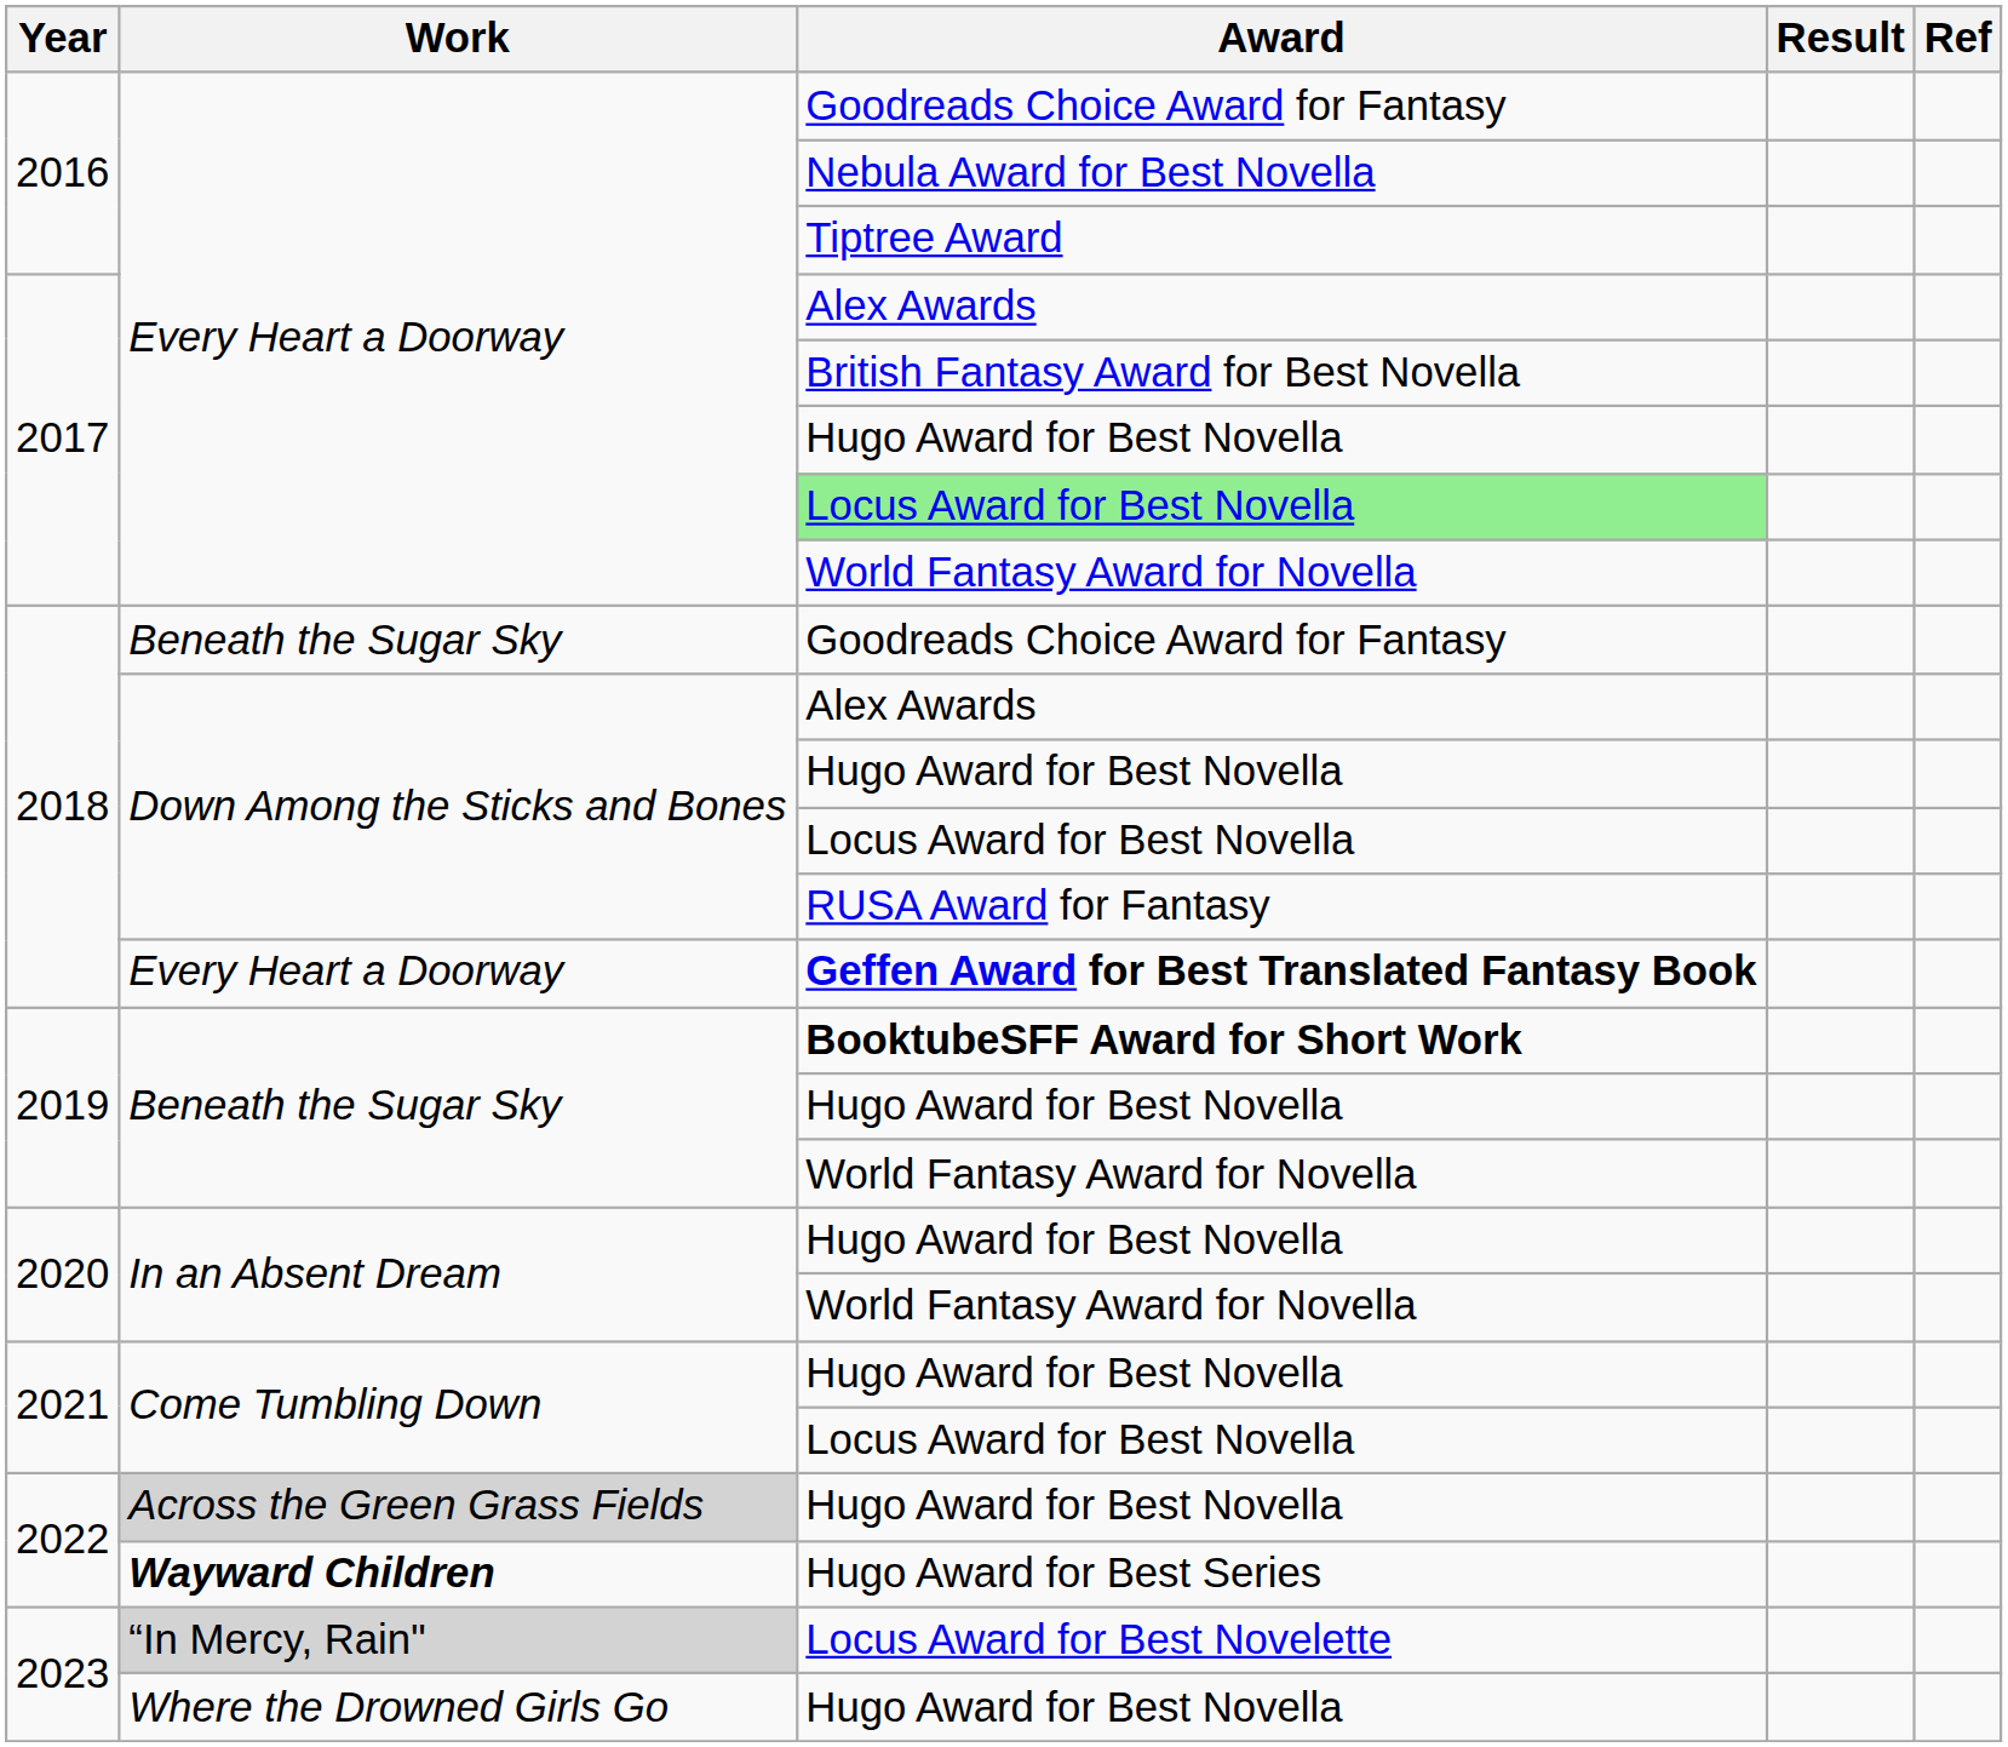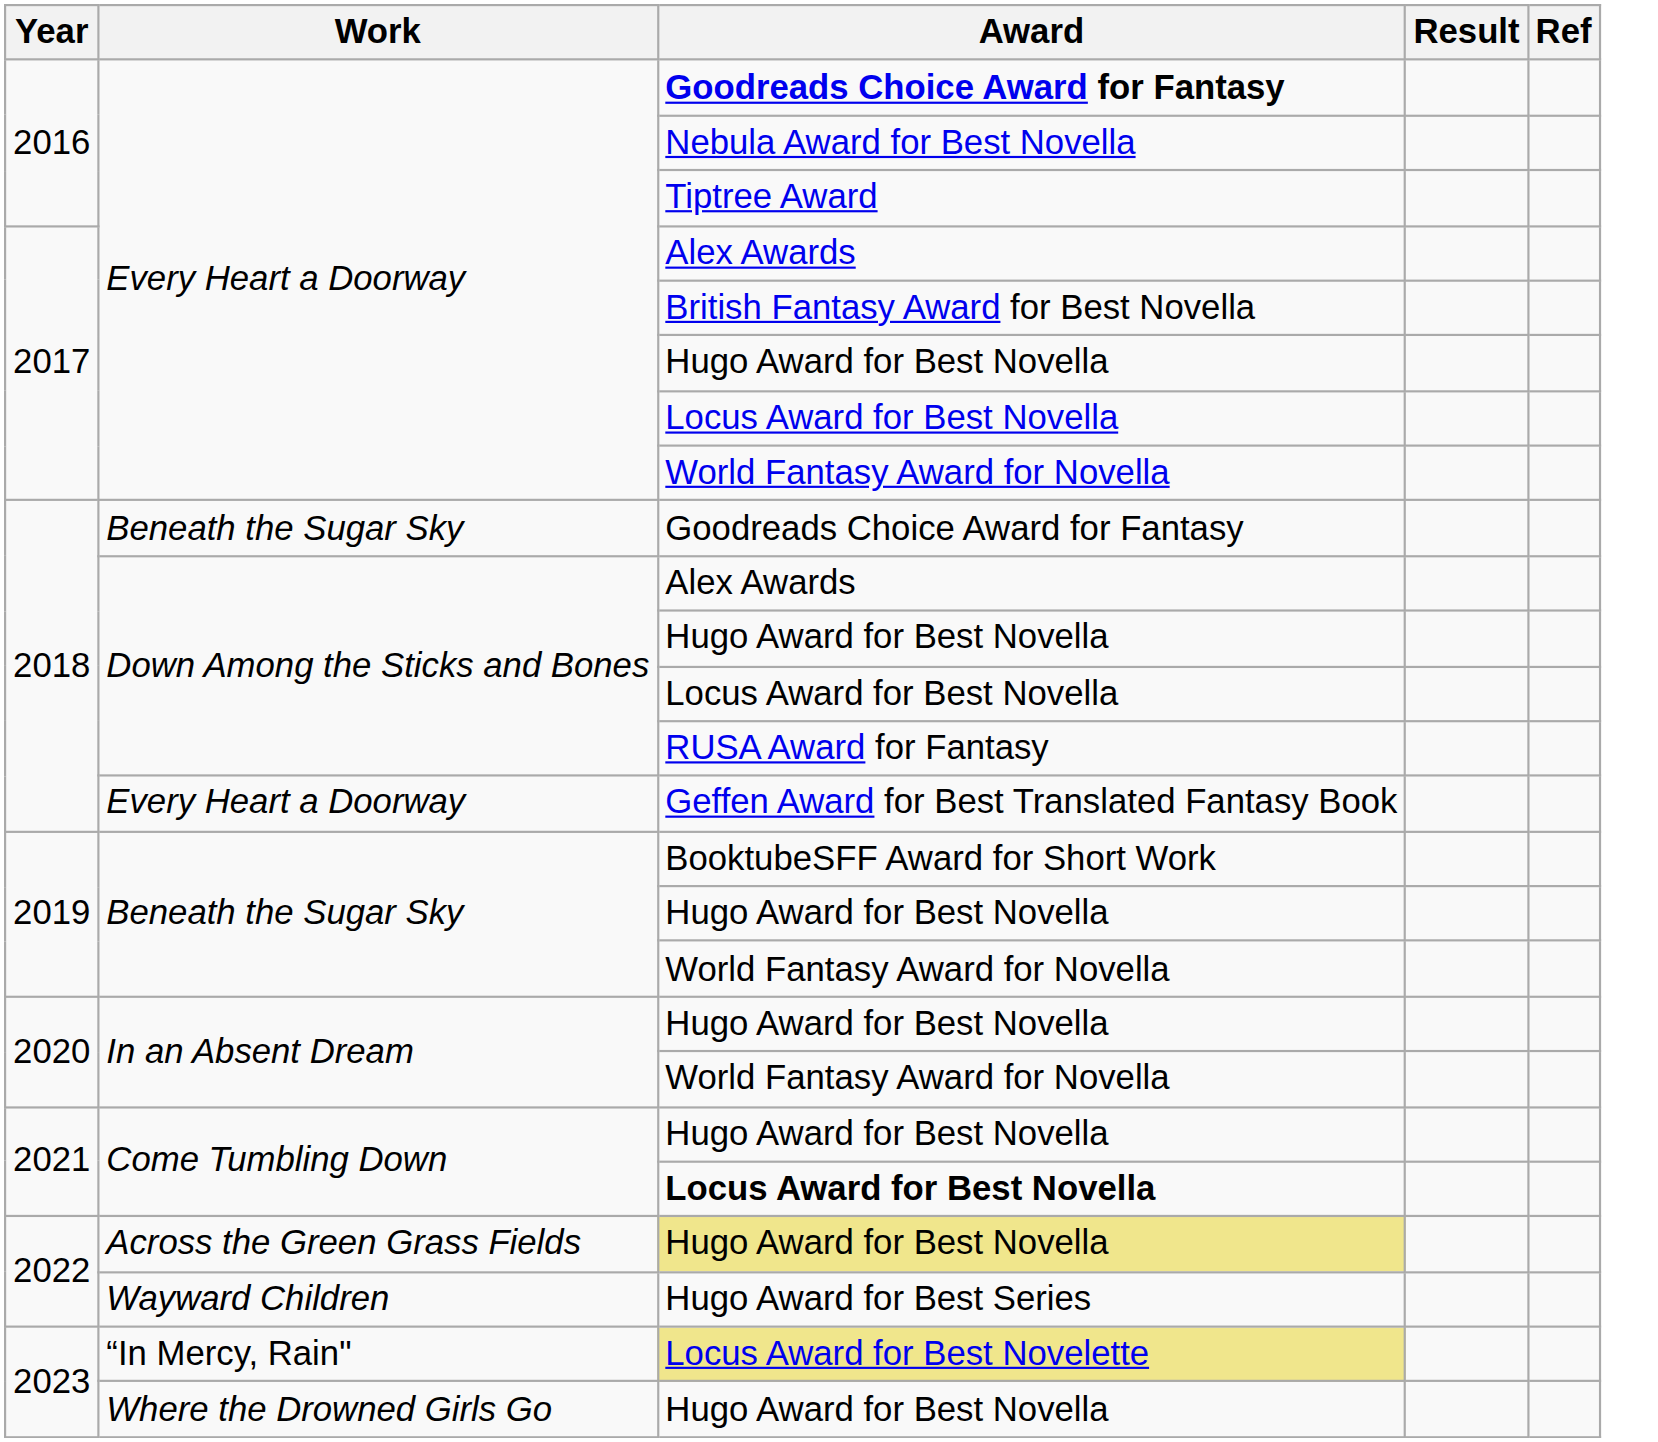 <table class="wikitable sortable mw-collapsible">
 <tr>
 <th>Year</th>
 <th>Work</th>
 <th>Award</th>
 <th>Result</th>
 <th>Ref</th>
 </tr>
 <tr>
 <td rowspan="3">2016</td>
 <td rowspan="8"><em>Every Heart a Doorway</em></td>
-<td><a href='#'>Goodreads Choice Award</a> for Fantasy</td>
+<td><strong><a href='#'>Goodreads Choice Award</a> for Fantasy</strong></td>
 <td></td>
 <td></td>
 </tr>
 <tr>
 <td><a href='#'>Nebula Award for Best Novella</a></td>
 <td></td>
 <td></td>
 </tr>
 <tr>
 <td><a href='#'>Tiptree Award</a></td>
 <td></td>
 <td></td>
 </tr>
 <tr>
 <td rowspan="5">2017</td>
 <td><a href='#'>Alex Awards</a></td>
 <td></td>
 <td></td>
 </tr>
 <tr>
 <td><a href='#'>British Fantasy Award</a> for Best Novella</td>
 <td></td>
 <td></td>
 </tr>
 <tr>
 <td>Hugo Award for Best Novella</td>
 <td></td>
 <td></td>
 </tr>
 <tr>
-<td style="background: lightgreen;"><a href='#'>Locus Award for Best Novella</a></td>
+<td><a href='#'>Locus Award for Best Novella</a></td>
 <td></td>
 <td></td>
 </tr>
 <tr>
 <td><a href='#'>World Fantasy Award for Novella</a></td>
 <td></td>
 <td></td>
 </tr>
 <tr>
 <td rowspan="6">2018</td>
 <td><em>Beneath the Sugar Sky</em></td>
 <td>Goodreads Choice Award for Fantasy</td>
 <td></td>
 <td></td>
 </tr>
 <tr>
 <td rowspan="4"><em>Down Among the Sticks and Bones</em></td>
 <td>Alex Awards</td>
 <td></td>
 <td></td>
 </tr>
 <tr>
 <td>Hugo Award for Best Novella</td>
 <td></td>
 <td></td>
 </tr>
 <tr>
 <td>Locus Award for Best Novella</td>
 <td></td>
 <td></td>
 </tr>
 <tr>
 <td><a href='#'>RUSA Award</a> for Fantasy</td>
 <td></td>
 <td></td>
 </tr>
 <tr>
 <td><em>Every Heart a Doorway</em></td>
-<td><strong><a href='#'>Geffen Award</a> for Best Translated Fantasy Book</strong></td>
+<td><a href='#'>Geffen Award</a> for Best Translated Fantasy Book</td>
 <td></td>
 <td></td>
 </tr>
 <tr>
 <td rowspan="3">2019</td>
 <td rowspan="3"><em>Beneath the Sugar Sky</em></td>
-<td><strong>BooktubeSFF Award for Short Work</strong></td>
+<td>BooktubeSFF Award for Short Work</td>
 <td></td>
 <td></td>
 </tr>
 <tr>
 <td>Hugo Award for Best Novella</td>
 <td></td>
 <td></td>
 </tr>
 <tr>
 <td>World Fantasy Award for Novella</td>
 <td></td>
 <td></td>
 </tr>
 <tr>
 <td rowspan="2">2020</td>
 <td rowspan="2"><em>In an Absent Dream</em></td>
 <td>Hugo Award for Best Novella</td>
 <td></td>
 <td></td>
 </tr>
 <tr>
 <td>World Fantasy Award for Novella</td>
 <td></td>
 <td></td>
 </tr>
 <tr>
 <td rowspan="2">2021</td>
 <td rowspan="2"><em>Come Tumbling Down</em></td>
 <td>Hugo Award for Best Novella</td>
 <td></td>
 <td></td>
 </tr>
 <tr>
-<td>Locus Award for Best Novella</td>
+<td><strong>Locus Award for Best Novella</strong></td>
 <td></td>
 <td></td>
 </tr>
 <tr>
 <td rowspan="2">2022</td>
-<td style="background: lightgrey;"><em>Across the Green Grass Fields</em></td>
-<td>Hugo Award for Best Novella</td>
+<td><em>Across the Green Grass Fields</em></td>
+<td style="background: khaki;">Hugo Award for Best Novella</td>
 <td></td>
 <td></td>
 </tr>
 <tr>
-<td><strong><em>Wayward Children</em></strong></td>
+<td><em>Wayward Children</em></td>
 <td>Hugo Award for Best Series</td>
 <td></td>
 <td></td>
 </tr>
 <tr>
 <td rowspan="2">2023</td>
-<td style="background: lightgrey;">“In Mercy, Rain"</td>
-<td><a href='#'>Locus Award for Best Novelette</a></td>
+<td>“In Mercy, Rain"</td>
+<td style="background: khaki;"><a href='#'>Locus Award for Best Novelette</a></td>
 <td></td>
 <td></td>
 </tr>
 <tr>
 <td><em>Where the Drowned Girls Go</em></td>
 <td>Hugo Award for Best Novella</td>
 <td></td>
 <td></td>
 </tr>
 </table>
